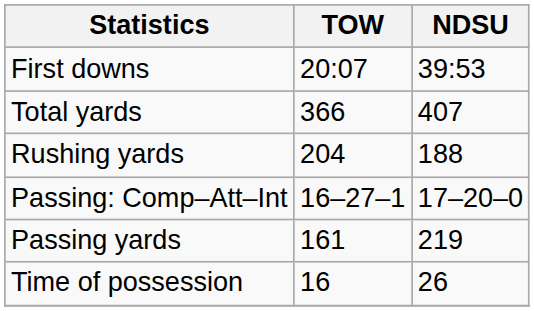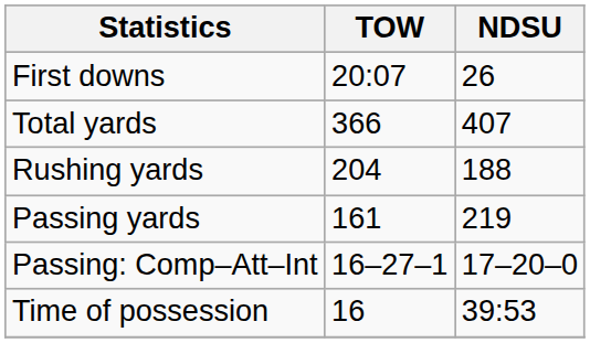 <table class="wikitable" style="float: left;">
 <tr>
 <th>Statistics</th>
 <th>TOW</th>
 <th>NDSU</th>
 </tr>
 <tr>
 <td>First downs</td>
 <td>20:07</td>
-<td>39:53</td>
+<td>26</td>
 </tr>
 <tr>
 <td>Total yards</td>
 <td>366</td>
 <td>407</td>
 </tr>
 <tr>
 <td>Rushing yards</td>
 <td>204</td>
 <td>188</td>
 </tr>
 <tr>
+<td>Passing yards</td>
+<td>161</td>
+<td>219</td>
+</tr>
+<tr>
 <td>Passing: Comp–Att–Int</td>
 <td>16–27–1</td>
 <td>17–20–0</td>
 </tr>
 <tr>
-<td>Passing yards</td>
-<td>161</td>
-<td>219</td>
-</tr>
-<tr>
 <td>Time of possession</td>
 <td>16</td>
-<td>26</td>
+<td>39:53</td>
 </tr>
 <tr>
 </tr>
 </table>
